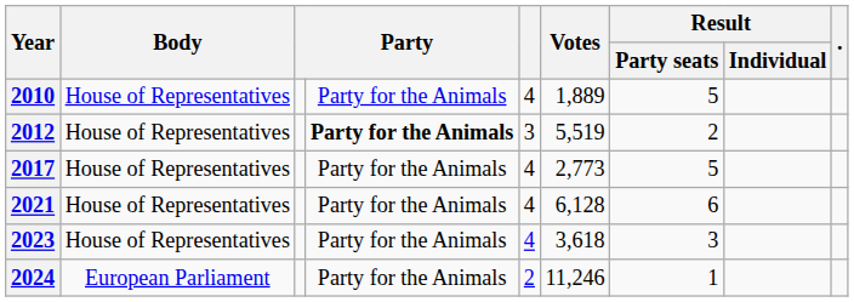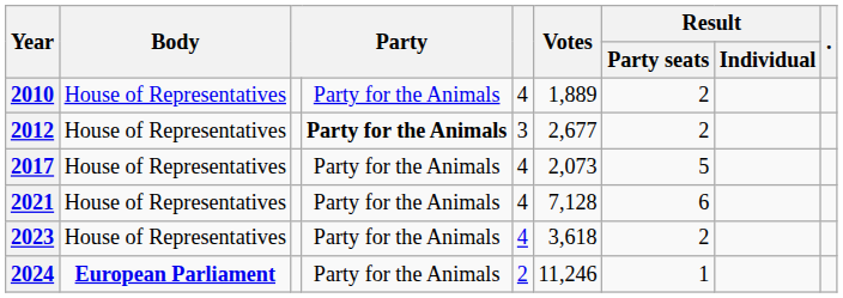 <table class="wikitable plainrowheaders sortable" border=2 cellpadding=4 cellspacing=0 style="border: 1px #aaa solid; font-size: 90%; text-align:center;">
 <tr>
 <th scope="col" rowspan=2>Year</th>
 <th scope="col" rowspan=2>Body</th>
 <th scope="col" colspan=2 rowspan=2>Party</th>
 <th scope="col" rowspan=2></th>
 <th scope="col" rowspan=2>Votes</th>
 <th scope="colgroup" colspan=2>Result</th>
 <th scope="col" rowspan=2 class="unsortable">.</th>
 </tr>
 <tr>
 <th scope="col">Party seats</th>
 <th scope="col">Individual</th>
 </tr>
 <tr>
 <th scope="row"><a href='#'>2010</a></th>
 <td><a href='#'>House of Representatives</a></td>
 <td style="background-color:"></td>
 <td><a href='#'>Party for the Animals</a></td>
 <td style=text-align:right>4</td>
 <td style=text-align:right>1,889</td>
-<td style=text-align:right>5</td>
+<td style=text-align:right>2</td>
 <td></td>
 <td></td>
 </tr>
 <tr>
 <th scope="row"><a href='#'>2012</a></th>
 <td>House of Representatives</td>
 <td style="background-color:"></td>
 <td><strong>Party for the Animals</strong></td>
 <td style=text-align:right>3</td>
-<td style=text-align:right>5,519</td>
+<td style=text-align:right>2,677</td>
 <td style=text-align:right>2</td>
 <td></td>
 <td></td>
 </tr>
 <tr>
 <th scope="row"><a href='#'>2017</a></th>
 <td>House of Representatives</td>
 <td style="background-color:"></td>
 <td>Party for the Animals</td>
 <td style=text-align:right>4</td>
-<td style=text-align:right>2,773</td>
+<td style=text-align:right>2,073</td>
 <td style=text-align:right>5</td>
 <td></td>
 <td></td>
 </tr>
 <tr>
 <th scope="row"><a href='#'>2021</a></th>
 <td>House of Representatives</td>
 <td style="background-color:"></td>
 <td>Party for the Animals</td>
 <td style=text-align:right>4</td>
-<td style=text-align:right>6,128</td>
+<td style=text-align:right>7,128</td>
 <td style=text-align:right>6</td>
 <td></td>
 <td></td>
 </tr>
 <tr>
 <th scope="row"><a href='#'>2023</a></th>
 <td>House of Representatives</td>
 <td style="background-color:"></td>
 <td>Party for the Animals</td>
 <td style=text-align:right><a href='#'>4</a></td>
 <td style=text-align:right>3,618</td>
-<td style=text-align:right>3</td>
+<td style=text-align:right>2</td>
 <td></td>
 <td></td>
 </tr>
 <tr>
 <th scope="row"><a href='#'>2024</a></th>
-<td><a href='#'>European Parliament</a></td>
+<td><strong><a href='#'>European Parliament</a></strong></td>
 <td style="background-color:"></td>
 <td>Party for the Animals</td>
 <td style=text-align:right><a href='#'>2</a></td>
 <td style=text-align:right>11,246</td>
 <td style=text-align:right>1</td>
 <td></td>
 <td></td>
 </tr>
 </table>
